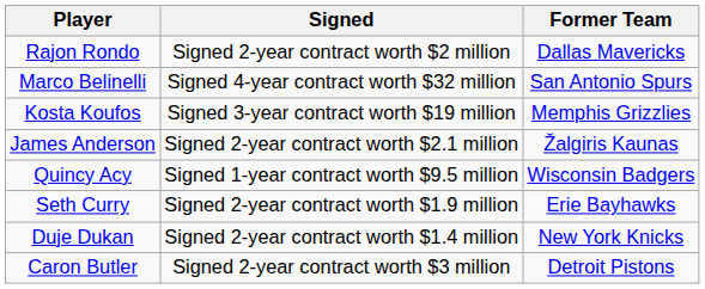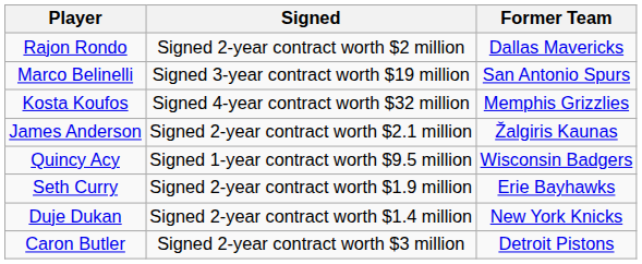 <table class="wikitable sortable sortable">
 <tr>
 <th>Player</th>
 <th>Signed</th>
 <th>Former Team</th>
 </tr>
 <tr style="text-align: center">
 <td><a href='#'>Rajon Rondo</a></td>
 <td>Signed 2-year contract worth $2 million</td>
 <td><a href='#'>Dallas Mavericks</a></td>
 </tr>
 <tr style="text-align: center">
 <td><a href='#'>Marco Belinelli</a></td>
-<td>Signed 4-year contract worth $32 million</td>
+<td>Signed 3-year contract worth $19 million</td>
 <td><a href='#'>San Antonio Spurs</a></td>
 </tr>
 <tr style="text-align: center">
 <td><a href='#'>Kosta Koufos</a></td>
-<td>Signed 3-year contract worth $19 million</td>
+<td>Signed 4-year contract worth $32 million</td>
 <td><a href='#'>Memphis Grizzlies</a></td>
 </tr>
 <tr style="text-align: center">
 <td><a href='#'>James Anderson</a></td>
 <td>Signed 2-year contract worth $2.1 million</td>
 <td> <a href='#'>Žalgiris Kaunas</a></td>
 </tr>
 <tr style="text-align: center">
 <td><a href='#'>Quincy Acy</a></td>
 <td>Signed 1-year contract worth $9.5 million</td>
 <td><a href='#'>Wisconsin Badgers</a></td>
 </tr>
 <tr style="text-align: center">
 <td><a href='#'>Seth Curry</a></td>
 <td>Signed 2-year contract worth $1.9 million</td>
 <td><a href='#'>Erie Bayhawks</a></td>
 </tr>
 <tr style="text-align: center">
 <td><a href='#'>Duje Dukan</a></td>
 <td>Signed 2-year contract worth $1.4 million</td>
 <td><a href='#'>New York Knicks</a></td>
 </tr>
 <tr style="text-align: center">
 <td><a href='#'>Caron Butler</a></td>
 <td>Signed 2-year contract worth $3 million</td>
 <td><a href='#'>Detroit Pistons</a></td>
 </tr>
 </table>
